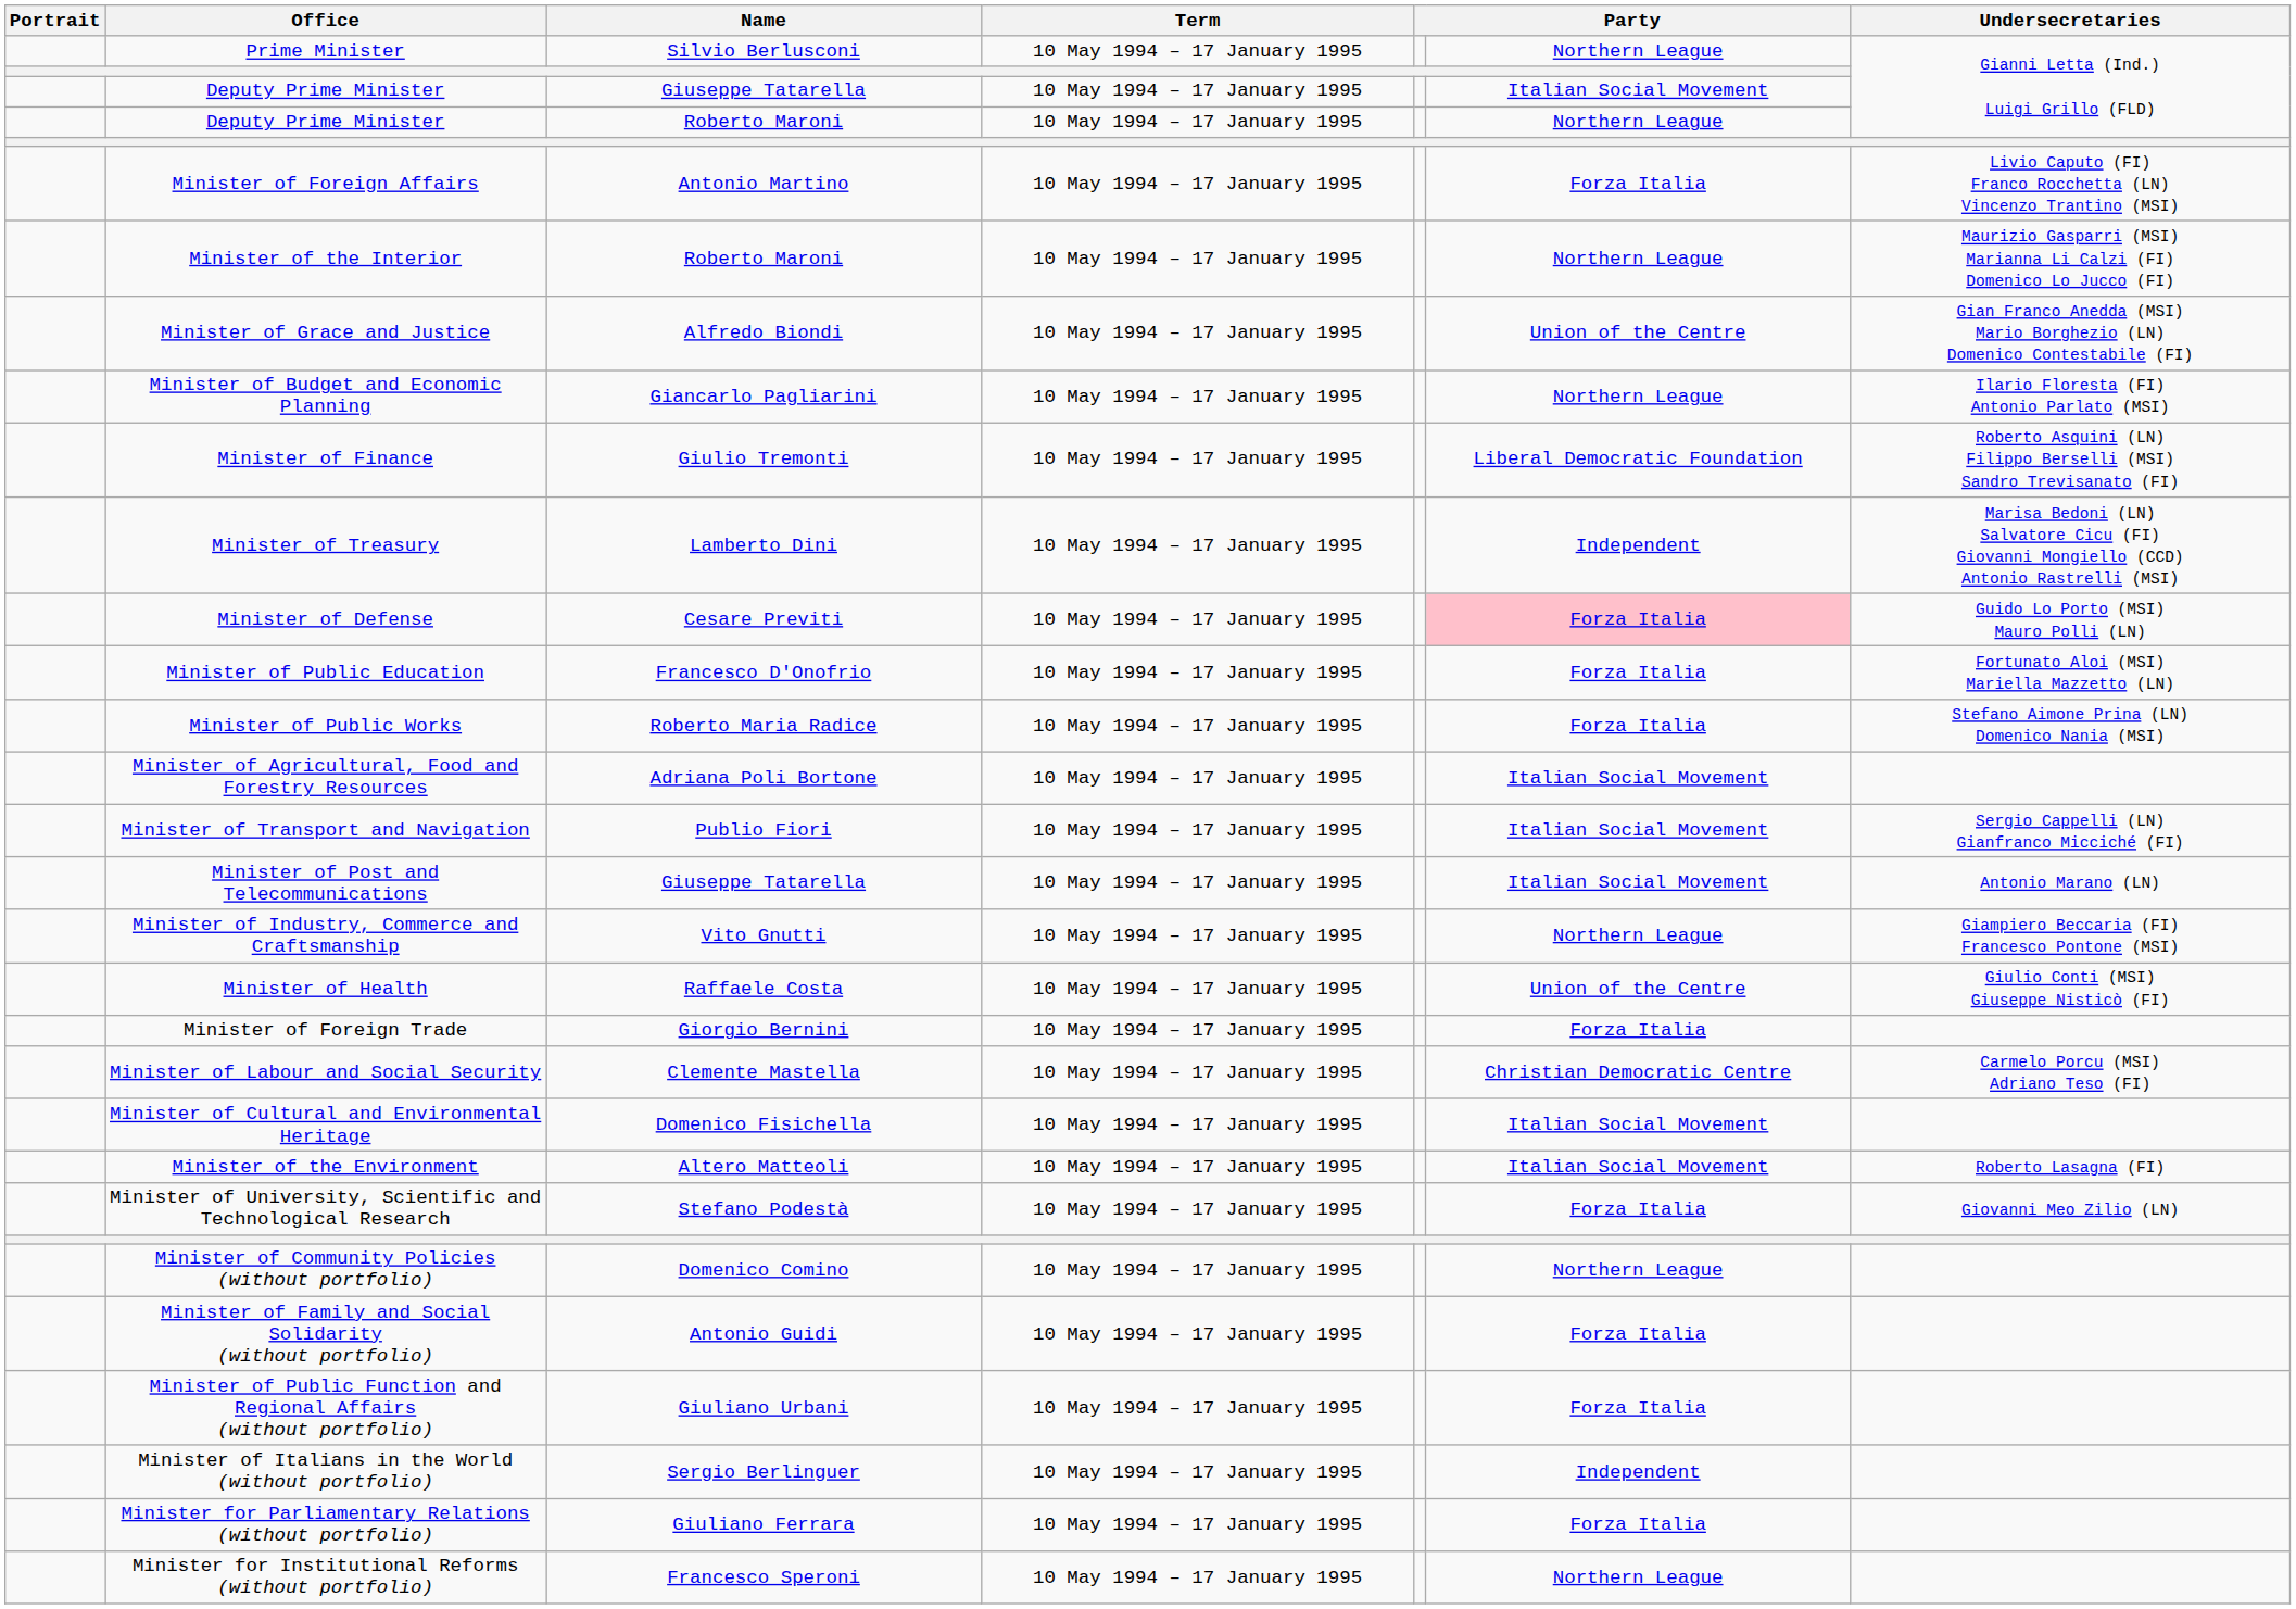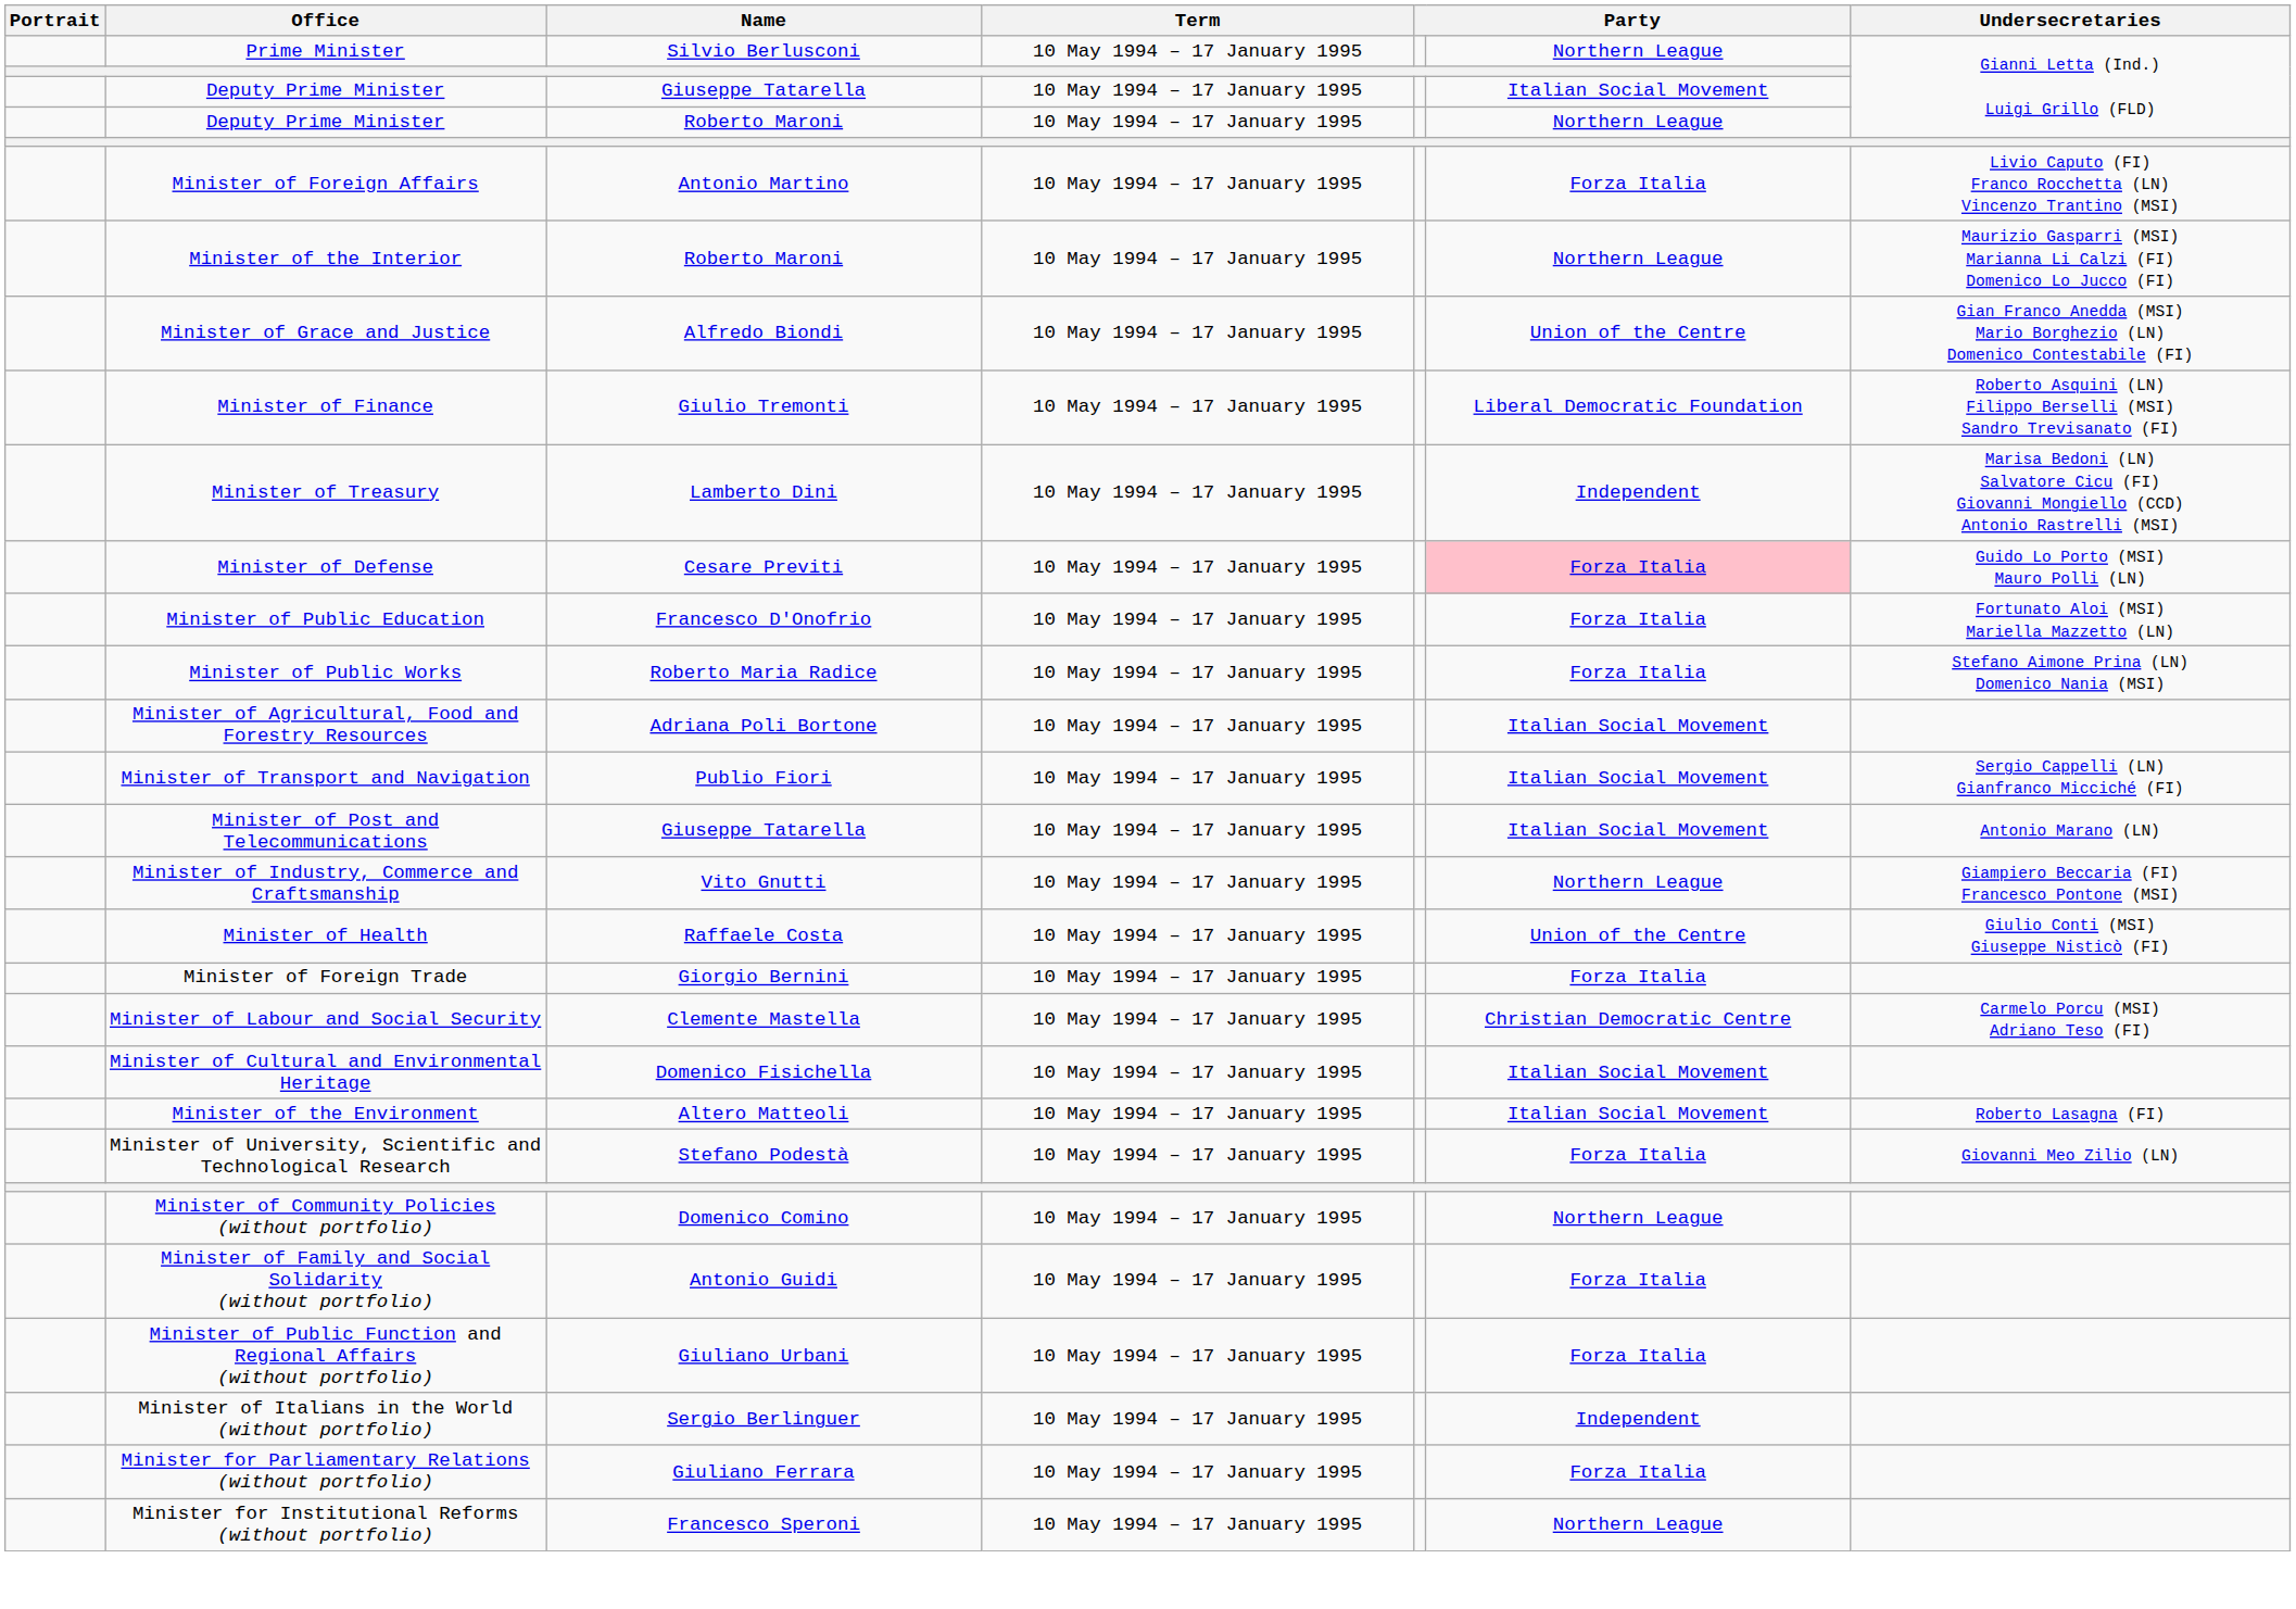 <table class="wikitable" style="text-align:center">
 <tr>
 <th>Portrait</th>
 <th width=20%>Office</th>
 <th width=20%>Name</th>
 <th width=20%>Term</th>
 <th width=20% colspan=2>Party</th>
 <th width=20%>Undersecretaries</th>
 </tr>
 <tr>
 <td></td>
 <td><a href='#'>Prime Minister</a></td>
 <td><a href='#'>Silvio Berlusconi</a></td>
 <td>10 May 1994 – 17 January 1995</td>
 <td style="background:"></td>
 <td><a href='#'>Northern League</a></td>
 <td rowspan="4"><small><a href='#'>Gianni Letta</a> (Ind.) <br>  <br> <a href='#'>Luigi Grillo</a> (FLD)</small></td>
 </tr>
 <tr>
 <th colspan="6"></th>
 </tr>
 <tr>
 <td></td>
 <td><a href='#'>Deputy Prime Minister</a></td>
 <td><a href='#'>Giuseppe Tatarella</a></td>
 <td>10 May 1994 – 17 January 1995</td>
 <td style="background:"></td>
 <td><a href='#'>Italian Social Movement</a></td>
 </tr>
 <tr>
 <td></td>
 <td><a href='#'>Deputy Prime Minister</a></td>
 <td><a href='#'>Roberto Maroni</a></td>
 <td>10 May 1994 – 17 January 1995</td>
 <td style="background:"></td>
 <td><a href='#'>Northern League</a></td>
 </tr>
 <tr>
 <th colspan="7"></th>
 </tr>
 <tr>
 <td></td>
 <td><a href='#'>Minister of Foreign Affairs</a></td>
 <td><a href='#'>Antonio Martino</a></td>
 <td>10 May 1994 – 17 January 1995</td>
 <td style="background:"></td>
 <td><a href='#'>Forza Italia</a></td>
 <td><small><a href='#'>Livio Caputo</a> (FI) <br> <a href='#'>Franco Rocchetta</a> (LN) <br> <a href='#'>Vincenzo Trantino</a> (MSI)</small></td>
 </tr>
 <tr>
 <td></td>
 <td><a href='#'>Minister of the Interior</a></td>
 <td><a href='#'>Roberto Maroni</a></td>
 <td>10 May 1994 – 17 January 1995</td>
 <td style="background:"></td>
 <td><a href='#'>Northern League</a></td>
 <td><small><a href='#'>Maurizio Gasparri</a> (MSI) <br> <a href='#'>Marianna Li Calzi</a> (FI) <br> <a href='#'>Domenico Lo Jucco</a> (FI)</small></td>
 </tr>
 <tr>
 <td></td>
 <td><a href='#'>Minister of Grace and Justice</a></td>
 <td><a href='#'>Alfredo Biondi</a></td>
 <td>10 May 1994 – 17 January 1995</td>
 <td style="background:"></td>
 <td><a href='#'>Union of the Centre</a></td>
 <td><small><a href='#'>Gian Franco Anedda</a> (MSI) <br> <a href='#'>Mario Borghezio</a> (LN) <br> <a href='#'>Domenico Contestabile</a> (FI)</small></td>
-</tr>
-<tr>
-<td></td>
-<td><a href='#'>Minister of Budget and Economic Planning</a></td>
-<td><a href='#'>Giancarlo Pagliarini</a></td>
-<td>10 May 1994 – 17 January 1995</td>
-<td style="background:"></td>
-<td><a href='#'>Northern League</a></td>
-<td><small><a href='#'>Ilario Floresta</a> (FI) <br> <a href='#'>Antonio Parlato</a> (MSI)</small></td>
 </tr>
 <tr>
 <td></td>
 <td><a href='#'>Minister of Finance</a></td>
 <td><a href='#'>Giulio Tremonti</a></td>
 <td>10 May 1994 – 17 January 1995</td>
 <td style="background:"></td>
 <td><a href='#'>Liberal Democratic Foundation</a></td>
 <td><small><a href='#'>Roberto Asquini</a> (LN) <br> <a href='#'>Filippo Berselli</a> (MSI) <br> <a href='#'>Sandro Trevisanato</a> (FI)</small></td>
 </tr>
 <tr>
 <td></td>
 <td><a href='#'>Minister of Treasury</a></td>
 <td><a href='#'>Lamberto Dini</a></td>
 <td>10 May 1994 – 17 January 1995</td>
 <td style="background:"></td>
 <td><a href='#'>Independent</a></td>
 <td><small><a href='#'>Marisa Bedoni</a> (LN) <br> <a href='#'>Salvatore Cicu</a> (FI) <br> <a href='#'>Giovanni Mongiello</a> (CCD) <br> <a href='#'>Antonio Rastrelli</a> (MSI)</small></td>
 </tr>
 <tr>
 <td></td>
 <td><a href='#'>Minister of Defense</a></td>
 <td><a href='#'>Cesare Previti</a></td>
 <td>10 May 1994 – 17 January 1995</td>
 <td style="background:"></td>
 <td style="background: pink;"><a href='#'>Forza Italia</a></td>
 <td><small><a href='#'>Guido Lo Porto</a> (MSI) <br> <a href='#'>Mauro Polli</a> (LN)</small></td>
 </tr>
 <tr>
 <td></td>
 <td><a href='#'>Minister of Public Education</a></td>
 <td><a href='#'>Francesco D'Onofrio</a></td>
 <td>10 May 1994 – 17 January 1995</td>
 <td style="background:"></td>
 <td><a href='#'>Forza Italia</a></td>
 <td><small><a href='#'>Fortunato Aloi</a> (MSI) <br> <a href='#'>Mariella Mazzetto</a> (LN)</small></td>
 </tr>
 <tr>
 <td></td>
 <td><a href='#'>Minister of Public Works</a></td>
 <td><a href='#'>Roberto Maria Radice</a></td>
 <td>10 May 1994 – 17 January 1995</td>
 <td style="background:"></td>
 <td><a href='#'>Forza Italia</a></td>
 <td><small><a href='#'>Stefano Aimone Prina</a> (LN) <br> <a href='#'>Domenico Nania</a> (MSI)</small></td>
 </tr>
 <tr>
 <td></td>
 <td><a href='#'>Minister of Agricultural, Food and Forestry Resources</a></td>
 <td><a href='#'>Adriana Poli Bortone</a></td>
 <td>10 May 1994 – 17 January 1995</td>
 <td style="background:"></td>
 <td><a href='#'>Italian Social Movement</a></td>
 <td><small></small></td>
 </tr>
 <tr>
 <td></td>
 <td><a href='#'>Minister of Transport and Navigation</a></td>
 <td><a href='#'>Publio Fiori</a></td>
 <td>10 May 1994 – 17 January 1995</td>
 <td style="background:"></td>
 <td><a href='#'>Italian Social Movement</a></td>
 <td><small><a href='#'>Sergio Cappelli</a> (LN) <br> <a href='#'>Gianfranco Micciché</a> (FI)</small></td>
 </tr>
 <tr>
 <td></td>
 <td><a href='#'>Minister of Post and Telecommunications</a></td>
 <td><a href='#'>Giuseppe Tatarella</a></td>
 <td>10 May 1994 – 17 January 1995</td>
 <td style="background:"></td>
 <td><a href='#'>Italian Social Movement</a></td>
 <td><small><a href='#'>Antonio Marano</a> (LN)</small></td>
 </tr>
 <tr>
 <td></td>
 <td><a href='#'>Minister of Industry, Commerce and Craftsmanship</a></td>
 <td><a href='#'>Vito Gnutti</a></td>
 <td>10 May 1994 – 17 January 1995</td>
 <td style="background:"></td>
 <td><a href='#'>Northern League</a></td>
 <td><small><a href='#'>Giampiero Beccaria</a> (FI) <br> <a href='#'>Francesco Pontone</a> (MSI)</small></td>
 </tr>
 <tr>
 <td></td>
 <td><a href='#'>Minister of Health</a></td>
 <td><a href='#'>Raffaele Costa</a></td>
 <td>10 May 1994 – 17 January 1995</td>
 <td style="background:"></td>
 <td><a href='#'>Union of the Centre</a></td>
 <td><small><a href='#'>Giulio Conti</a> (MSI) <br> <a href='#'>Giuseppe Nisticò</a> (FI)</small></td>
 </tr>
 <tr>
 <td></td>
 <td>Minister of Foreign Trade</td>
 <td><a href='#'>Giorgio Bernini</a></td>
 <td>10 May 1994 – 17 January 1995</td>
 <td style="background:"></td>
 <td><a href='#'>Forza Italia</a></td>
 <td></td>
 </tr>
 <tr>
 <td></td>
 <td><a href='#'>Minister of Labour and Social Security</a></td>
 <td><a href='#'>Clemente Mastella</a></td>
 <td>10 May 1994 – 17 January 1995</td>
 <td style="background:"></td>
 <td><a href='#'>Christian Democratic Centre</a></td>
 <td><small><a href='#'>Carmelo Porcu</a> (MSI) <br> <a href='#'>Adriano Teso</a> (FI)</small></td>
 </tr>
 <tr>
 <td></td>
 <td><a href='#'>Minister of Cultural and Environmental Heritage</a></td>
 <td><a href='#'>Domenico Fisichella</a></td>
 <td>10 May 1994 – 17 January 1995</td>
 <td style="background:"></td>
 <td><a href='#'>Italian Social Movement</a></td>
 <td></td>
 </tr>
 <tr>
 <td></td>
 <td><a href='#'>Minister of the Environment</a></td>
 <td><a href='#'>Altero Matteoli</a></td>
 <td>10 May 1994 – 17 January 1995</td>
 <td style="background:"></td>
 <td><a href='#'>Italian Social Movement</a></td>
 <td><small><a href='#'>Roberto Lasagna</a> (FI)</small></td>
 </tr>
 <tr>
 <td></td>
 <td>Minister of University, Scientific and Technological Research</td>
 <td><a href='#'>Stefano Podestà</a></td>
 <td>10 May 1994 – 17 January 1995</td>
 <td style="background:"></td>
 <td><a href='#'>Forza Italia</a></td>
 <td><small><a href='#'>Giovanni Meo Zilio</a> (LN)</small></td>
 </tr>
 <tr>
 <th colspan="7"></th>
 </tr>
 <tr>
 <td></td>
 <td><a href='#'>Minister of Community Policies</a> <br> <em>(without portfolio)</em></td>
 <td><a href='#'>Domenico Comino</a></td>
 <td>10 May 1994 – 17 January 1995</td>
 <td style="background:"></td>
 <td><a href='#'>Northern League</a></td>
 <td></td>
 </tr>
 <tr>
 <td></td>
 <td><a href='#'>Minister of Family and Social Solidarity</a> <br> <em>(without portfolio)</em></td>
 <td><a href='#'>Antonio Guidi</a></td>
 <td>10 May 1994 – 17 January 1995</td>
 <td style="background:"></td>
 <td><a href='#'>Forza Italia</a></td>
 <td></td>
 </tr>
 <tr>
 <td></td>
 <td><a href='#'>Minister of Public Function</a> and <a href='#'>Regional Affairs</a> <br> <em>(without portfolio)</em></td>
 <td><a href='#'>Giuliano Urbani</a></td>
 <td>10 May 1994 – 17 January 1995</td>
 <td style="background:"></td>
 <td><a href='#'>Forza Italia</a></td>
 <td></td>
 </tr>
 <tr>
 <td></td>
 <td>Minister of Italians in the World <br> <em>(without portfolio)</em></td>
 <td><a href='#'>Sergio Berlinguer</a></td>
 <td>10 May 1994 – 17 January 1995</td>
 <td style="background:"></td>
 <td><a href='#'>Independent</a></td>
 <td></td>
 </tr>
 <tr>
 <td></td>
 <td><a href='#'>Minister for Parliamentary Relations</a> <br> <em>(without portfolio)</em></td>
 <td><a href='#'>Giuliano Ferrara</a></td>
 <td>10 May 1994 – 17 January 1995</td>
 <td style="background:"></td>
 <td><a href='#'>Forza Italia</a></td>
 <td></td>
 </tr>
 <tr>
 <td></td>
 <td>Minister for Institutional Reforms <br> <em>(without portfolio)</em></td>
 <td><a href='#'>Francesco Speroni</a></td>
 <td>10 May 1994 – 17 January 1995</td>
 <td style="background:"></td>
 <td><a href='#'>Northern League</a></td>
 <td></td>
 </tr>
 </table>
